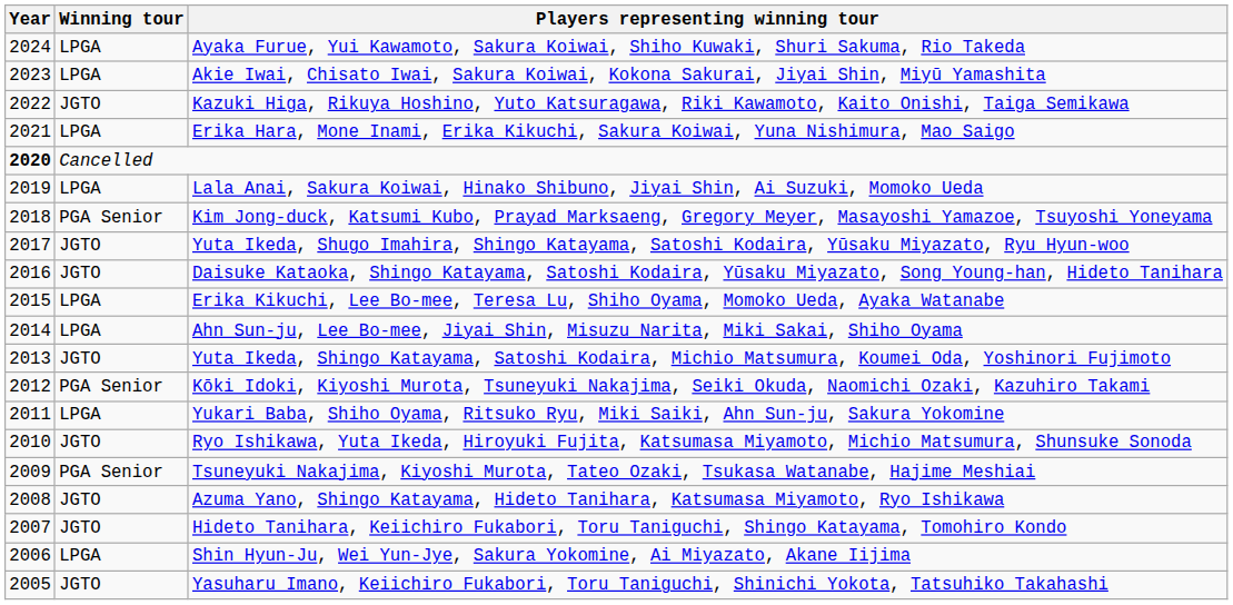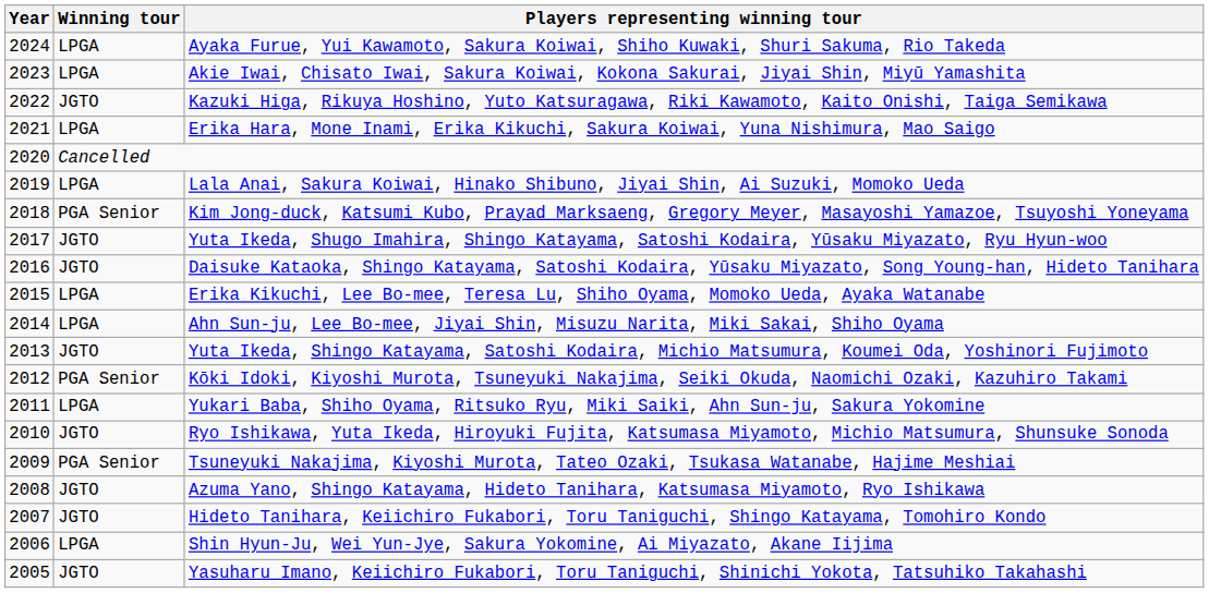 <table class="wikitable">
 <tr>
 <th>Year</th>
 <th>Winning tour</th>
 <th>Players representing winning tour</th>
 </tr>
 <tr>
 <td>2024</td>
 <td>LPGA</td>
 <td><a href='#'>Ayaka Furue</a>, <a href='#'>Yui Kawamoto</a>, <a href='#'>Sakura Koiwai</a>, <a href='#'>Shiho Kuwaki</a>, <a href='#'>Shuri Sakuma</a>, <a href='#'>Rio Takeda</a></td>
 </tr>
 <tr>
 <td>2023</td>
 <td>LPGA</td>
 <td><a href='#'>Akie Iwai</a>, <a href='#'>Chisato Iwai</a>, <a href='#'>Sakura Koiwai</a>, <a href='#'>Kokona Sakurai</a>, <a href='#'>Jiyai Shin</a>, <a href='#'>Miyū Yamashita</a></td>
 </tr>
 <tr>
 <td>2022</td>
 <td>JGTO</td>
 <td><a href='#'>Kazuki Higa</a>, <a href='#'>Rikuya Hoshino</a>, <a href='#'>Yuto Katsuragawa</a>, <a href='#'>Riki Kawamoto</a>, <a href='#'>Kaito Onishi</a>, <a href='#'>Taiga Semikawa</a></td>
 </tr>
 <tr>
 <td>2021</td>
 <td>LPGA</td>
 <td><a href='#'>Erika Hara</a>, <a href='#'>Mone Inami</a>, <a href='#'>Erika Kikuchi</a>, <a href='#'>Sakura Koiwai</a>, <a href='#'>Yuna Nishimura</a>, <a href='#'>Mao Saigo</a></td>
 </tr>
 <tr>
-<td><strong>2020</strong></td>
+<td>2020</td>
 <td colspan=2><em>Cancelled</em></td>
 </tr>
 <tr>
 <td>2019</td>
 <td>LPGA</td>
 <td><a href='#'>Lala Anai</a>, <a href='#'>Sakura Koiwai</a>, <a href='#'>Hinako Shibuno</a>, <a href='#'>Jiyai Shin</a>, <a href='#'>Ai Suzuki</a>, <a href='#'>Momoko Ueda</a></td>
 </tr>
 <tr>
 <td>2018</td>
 <td>PGA Senior</td>
 <td><a href='#'>Kim Jong-duck</a>, <a href='#'>Katsumi Kubo</a>, <a href='#'>Prayad Marksaeng</a>, <a href='#'>Gregory Meyer</a>, <a href='#'>Masayoshi Yamazoe</a>, <a href='#'>Tsuyoshi Yoneyama</a></td>
 </tr>
 <tr>
 <td>2017</td>
 <td>JGTO</td>
 <td><a href='#'>Yuta Ikeda</a>, <a href='#'>Shugo Imahira</a>, <a href='#'>Shingo Katayama</a>, <a href='#'>Satoshi Kodaira</a>, <a href='#'>Yūsaku Miyazato</a>, <a href='#'>Ryu Hyun-woo</a></td>
 </tr>
 <tr>
 <td>2016</td>
 <td>JGTO</td>
 <td><a href='#'>Daisuke Kataoka</a>, <a href='#'>Shingo Katayama</a>, <a href='#'>Satoshi Kodaira</a>, <a href='#'>Yūsaku Miyazato</a>, <a href='#'>Song Young-han</a>, <a href='#'>Hideto Tanihara</a></td>
 </tr>
 <tr>
 <td>2015</td>
 <td>LPGA</td>
 <td><a href='#'>Erika Kikuchi</a>, <a href='#'>Lee Bo-mee</a>, <a href='#'>Teresa Lu</a>, <a href='#'>Shiho Oyama</a>, <a href='#'>Momoko Ueda</a>, <a href='#'>Ayaka Watanabe</a></td>
 </tr>
 <tr>
 <td>2014</td>
 <td>LPGA</td>
 <td><a href='#'>Ahn Sun-ju</a>, <a href='#'>Lee Bo-mee</a>, <a href='#'>Jiyai Shin</a>, <a href='#'>Misuzu Narita</a>, <a href='#'>Miki Sakai</a>, <a href='#'>Shiho Oyama</a></td>
 </tr>
 <tr>
 <td>2013</td>
 <td>JGTO</td>
 <td><a href='#'>Yuta Ikeda</a>, <a href='#'>Shingo Katayama</a>, <a href='#'>Satoshi Kodaira</a>, <a href='#'>Michio Matsumura</a>, <a href='#'>Koumei Oda</a>, <a href='#'>Yoshinori Fujimoto</a></td>
 </tr>
 <tr>
 <td>2012</td>
 <td>PGA Senior</td>
 <td><a href='#'>Kōki Idoki</a>, <a href='#'>Kiyoshi Murota</a>, <a href='#'>Tsuneyuki Nakajima</a>, <a href='#'>Seiki Okuda</a>, <a href='#'>Naomichi Ozaki</a>, <a href='#'>Kazuhiro Takami</a></td>
 </tr>
 <tr>
 <td>2011</td>
 <td>LPGA</td>
 <td><a href='#'>Yukari Baba</a>, <a href='#'>Shiho Oyama</a>, <a href='#'>Ritsuko Ryu</a>, <a href='#'>Miki Saiki</a>, <a href='#'>Ahn Sun-ju</a>, <a href='#'>Sakura Yokomine</a></td>
 </tr>
 <tr>
 <td>2010</td>
 <td>JGTO</td>
 <td><a href='#'>Ryo Ishikawa</a>, <a href='#'>Yuta Ikeda</a>, <a href='#'>Hiroyuki Fujita</a>, <a href='#'>Katsumasa Miyamoto</a>, <a href='#'>Michio Matsumura</a>, <a href='#'>Shunsuke Sonoda</a></td>
 </tr>
 <tr>
 <td>2009</td>
 <td>PGA Senior</td>
 <td><a href='#'>Tsuneyuki Nakajima</a>, <a href='#'>Kiyoshi Murota</a>, <a href='#'>Tateo Ozaki</a>, <a href='#'>Tsukasa Watanabe</a>, <a href='#'>Hajime Meshiai</a></td>
 </tr>
 <tr>
 <td>2008</td>
 <td>JGTO</td>
 <td><a href='#'>Azuma Yano</a>, <a href='#'>Shingo Katayama</a>, <a href='#'>Hideto Tanihara</a>, <a href='#'>Katsumasa Miyamoto</a>, <a href='#'>Ryo Ishikawa</a></td>
 </tr>
 <tr>
 <td>2007</td>
 <td>JGTO</td>
 <td><a href='#'>Hideto Tanihara</a>, <a href='#'>Keiichiro Fukabori</a>, <a href='#'>Toru Taniguchi</a>, <a href='#'>Shingo Katayama</a>, <a href='#'>Tomohiro Kondo</a></td>
 </tr>
 <tr>
 <td>2006</td>
 <td>LPGA</td>
 <td><a href='#'>Shin Hyun-Ju</a>, <a href='#'>Wei Yun-Jye</a>, <a href='#'>Sakura Yokomine</a>, <a href='#'>Ai Miyazato</a>, <a href='#'>Akane Iijima</a></td>
 </tr>
 <tr>
 <td>2005</td>
 <td>JGTO</td>
 <td><a href='#'>Yasuharu Imano</a>, <a href='#'>Keiichiro Fukabori</a>, <a href='#'>Toru Taniguchi</a>, <a href='#'>Shinichi Yokota</a>, <a href='#'>Tatsuhiko Takahashi</a></td>
 </tr>
 </table>
